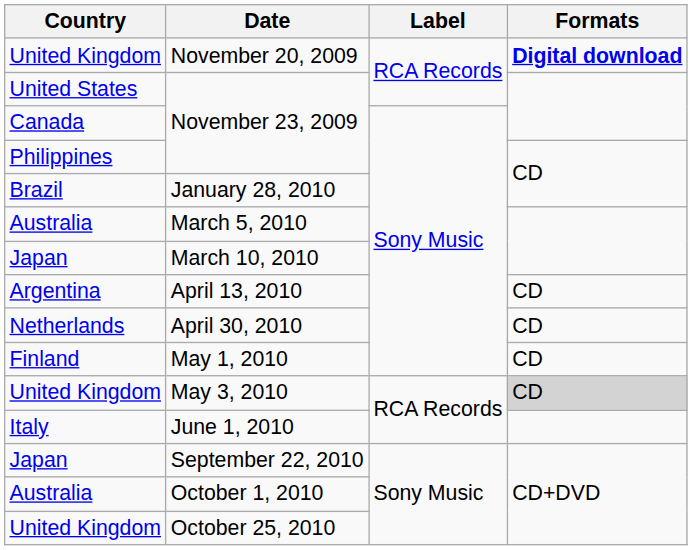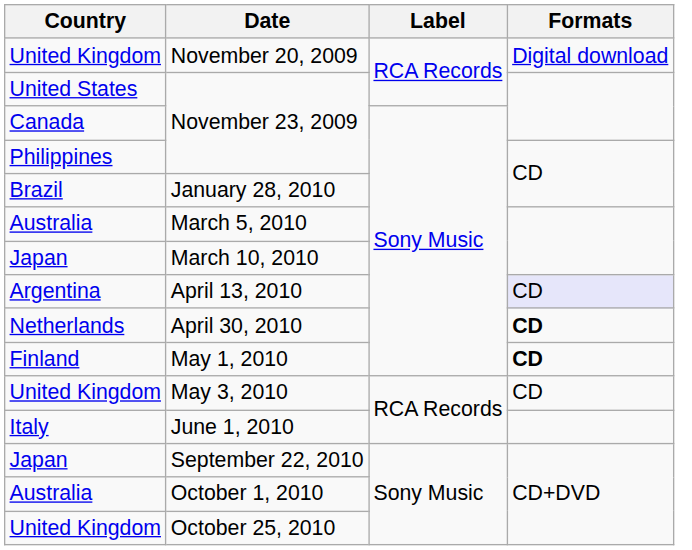 <table class="wikitable">
 <tr>
 <th>Country</th>
 <th>Date</th>
 <th>Label</th>
 <th>Formats</th>
 </tr>
 <tr>
 <td><a href='#'>United Kingdom</a></td>
 <td>November 20, 2009</td>
 <td rowspan="2"><a href='#'>RCA Records</a></td>
-<td><strong><a href='#'>Digital download</a></strong></td>
+<td><a href='#'>Digital download</a></td>
 </tr>
 <tr>
 <td><a href='#'>United States</a></td>
 <td rowspan="3">November 23, 2009</td>
 <td rowspan="2"></td>
 </tr>
 <tr>
 <td><a href='#'>Canada</a></td>
 <td rowspan="8"><a href='#'>Sony Music</a></td>
 </tr>
 <tr>
 <td><a href='#'>Philippines</a></td>
 <td rowspan="2">CD</td>
 </tr>
 <tr>
 <td><a href='#'>Brazil</a></td>
 <td>January 28, 2010</td>
 </tr>
 <tr>
 <td><a href='#'>Australia</a></td>
 <td>March 5, 2010</td>
 <td rowspan="2"></td>
 </tr>
 <tr>
 <td><a href='#'>Japan</a></td>
 <td>March 10, 2010</td>
 </tr>
 <tr>
 <td><a href='#'>Argentina</a></td>
 <td>April 13, 2010</td>
-<td>CD</td>
+<td style="background: lavender;">CD</td>
 </tr>
 <tr>
 <td><a href='#'>Netherlands</a></td>
 <td>April 30, 2010</td>
-<td>CD</td>
+<td><strong>CD</strong></td>
 </tr>
 <tr>
 <td><a href='#'>Finland</a></td>
 <td>May 1, 2010</td>
-<td>CD</td>
+<td><strong>CD</strong></td>
 </tr>
 <tr>
 <td><a href='#'>United Kingdom</a></td>
 <td>May 3, 2010</td>
 <td rowspan="2">RCA Records</td>
-<td style="background: lightgrey;">CD</td>
+<td>CD</td>
 </tr>
 <tr>
 <td><a href='#'>Italy</a></td>
 <td>June 1, 2010</td>
 <td></td>
 </tr>
 <tr>
 <td><a href='#'>Japan</a></td>
 <td>September 22, 2010</td>
 <td rowspan="3">Sony Music</td>
 <td rowspan="3">CD+DVD</td>
 </tr>
 <tr>
 <td><a href='#'>Australia</a></td>
 <td>October 1, 2010</td>
 </tr>
 <tr>
 <td><a href='#'>United Kingdom</a></td>
 <td>October 25, 2010</td>
 </tr>
 </table>
